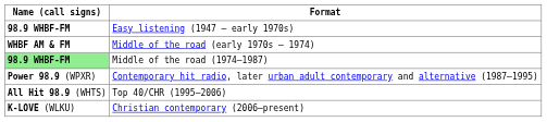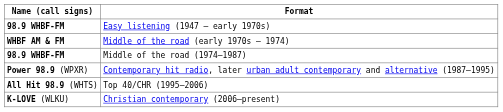 <table class="toccolours" border="1" cellpadding="4" cellspacing="0" style="border-collapse: collapse; float:left; margin-right: 1em; margin-bottom: 1em">
 <tr>
 <th>Name (call signs)</th>
 <th>Format</th>
 </tr>
 <tr>
 <td><strong>98.9 WHBF-FM</strong></td>
 <td><a href='#'>Easy listening</a> (1947 – early 1970s)</td>
 </tr>
 <tr>
 <td><strong>WHBF AM & FM</strong></td>
 <td><a href='#'>Middle of the road</a> (early 1970s – 1974)</td>
 </tr>
 <tr>
-<td style="background: lightgreen;"><strong>98.9 WHBF-FM</strong></td>
+<td><strong>98.9 WHBF-FM</strong></td>
 <td>Middle of the road (1974–1987)</td>
 </tr>
 <tr>
 <td><strong>Power 98.9</strong> (WPXR)</td>
 <td><a href='#'>Contemporary hit radio</a>, later <a href='#'>urban adult contemporary</a> and <a href='#'>alternative</a> (1987–1995)</td>
 </tr>
 <tr>
 <td><strong>All Hit 98.9</strong> (WHTS)</td>
 <td>Top 40/CHR (1995–2006)</td>
 </tr>
 <tr>
 <td><strong>K-LOVE</strong> (WLKU)</td>
 <td><a href='#'>Christian contemporary</a> (2006–present)</td>
 </tr>
 </table>
